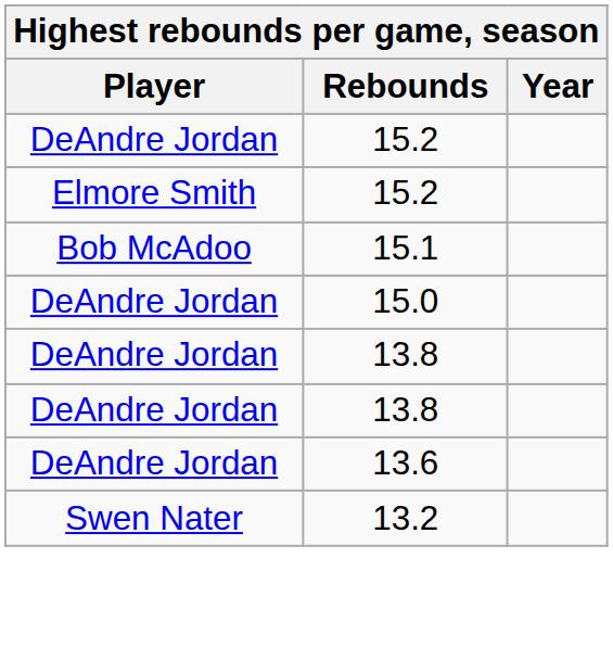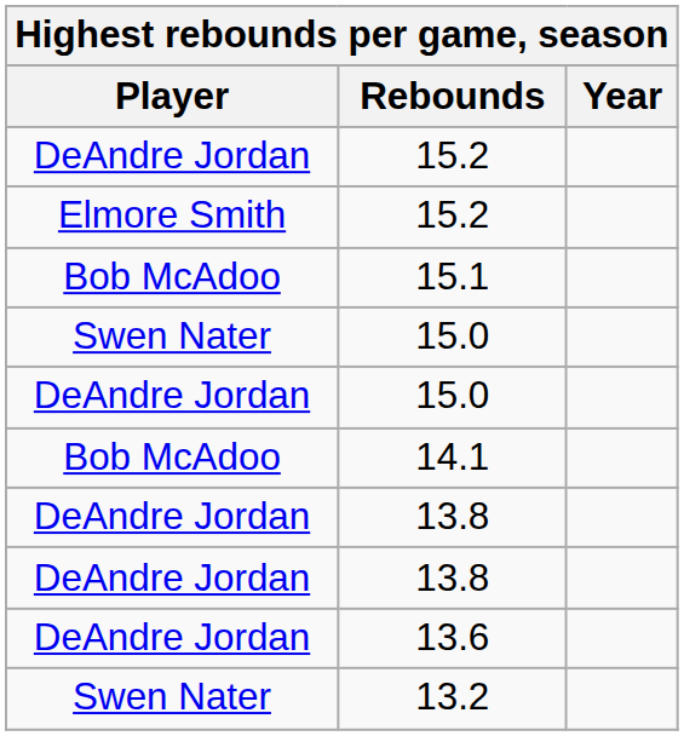 <table class="wikitable sortable" style="text-align:center">
 <tr>
 <th colspan="3">Highest rebounds per game, season</th>
 </tr>
 <tr>
 <th>Player</th>
 <th>Rebounds</th>
 <th>Year</th>
 </tr>
 <tr>
 <td><a href='#'>DeAndre Jordan</a></td>
 <td>15.2</td>
 <td></td>
 </tr>
 <tr>
 <td><a href='#'>Elmore Smith</a></td>
 <td>15.2</td>
 <td></td>
 </tr>
 <tr>
 <td><a href='#'>Bob McAdoo</a></td>
 <td>15.1</td>
 <td></td>
 </tr>
 <tr>
+<td><a href='#'>Swen Nater</a></td>
+<td>15.0</td>
+<td></td>
+</tr>
+<tr>
 <td><a href='#'>DeAndre Jordan</a></td>
 <td>15.0</td>
+<td></td>
+</tr>
+<tr>
+<td><a href='#'>Bob McAdoo</a></td>
+<td>14.1</td>
 <td></td>
 </tr>
 <tr>
 <td><a href='#'>DeAndre Jordan</a></td>
 <td>13.8</td>
 <td></td>
 </tr>
 <tr>
 <td><a href='#'>DeAndre Jordan</a></td>
 <td>13.8</td>
 <td></td>
 </tr>
 <tr>
 <td><a href='#'>DeAndre Jordan</a></td>
 <td>13.6</td>
 <td></td>
 </tr>
 <tr>
 <td><a href='#'>Swen Nater</a></td>
 <td>13.2</td>
 <td></td>
 </tr>
 </table>
